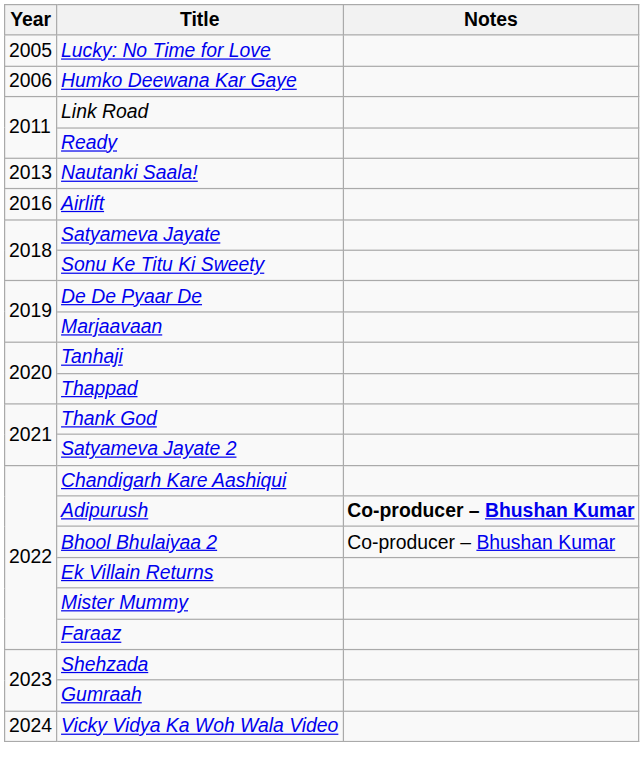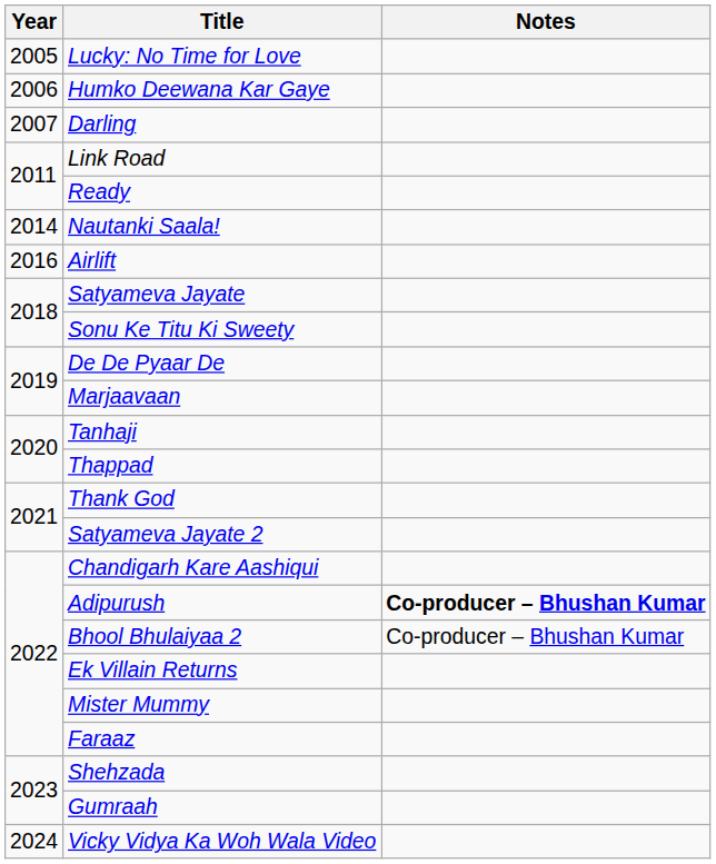 <table class="wikitable sortable">
 <tr>
 <th scope="col">Year</th>
 <th scope="col">Title</th>
 <th class="unsortable" scope="col">Notes</th>
 </tr>
 <tr>
 <td>2005</td>
 <td><em><a href='#'>Lucky: No Time for Love</a></em></td>
 <td></td>
 </tr>
 <tr>
 <td>2006</td>
 <td><em><a href='#'>Humko Deewana Kar Gaye</a></em></td>
 <td></td>
 </tr>
 <tr>
+<td>2007</td>
+<td><em><a href='#'>Darling</a></em></td>
+<td></td>
+</tr>
+<tr>
 <td rowspan="2">2011</td>
 <td><em>Link Road</em></td>
 <td></td>
 </tr>
 <tr>
 <td><em><a href='#'>Ready</a></em></td>
 <td></td>
 </tr>
 <tr>
-<td>2013</td>
+<td>2014</td>
 <td><em><a href='#'>Nautanki Saala!</a></em></td>
 <td></td>
 </tr>
 <tr>
 <td>2016</td>
 <td><em><a href='#'>Airlift</a></em></td>
 <td></td>
 </tr>
 <tr>
 <td rowspan="2">2018</td>
 <td><em><a href='#'>Satyameva Jayate</a></em></td>
 <td></td>
 </tr>
 <tr>
 <td><em><a href='#'>Sonu Ke Titu Ki Sweety</a></em></td>
 <td></td>
 </tr>
 <tr>
 <td rowspan="2">2019</td>
 <td><em><a href='#'>De De Pyaar De</a></em></td>
 <td></td>
 </tr>
 <tr>
 <td><em><a href='#'>Marjaavaan</a></em></td>
 <td></td>
 </tr>
 <tr>
 <td rowspan="2">2020</td>
 <td><em><a href='#'>Tanhaji</a></em></td>
 <td></td>
 </tr>
 <tr>
 <td><em><a href='#'>Thappad</a></em></td>
 <td></td>
 </tr>
 <tr>
 <td rowspan="2">2021</td>
 <td><em><a href='#'>Thank God</a></em></td>
 <td></td>
 </tr>
 <tr>
 <td><em><a href='#'>Satyameva Jayate 2</a></em></td>
 <td></td>
 </tr>
 <tr>
 <td rowspan="6">2022</td>
 <td><em><a href='#'>Chandigarh Kare Aashiqui</a></em></td>
 <td></td>
 </tr>
 <tr>
 <td><em><a href='#'>Adipurush</a></em></td>
 <td><strong>Co-producer – <a href='#'>Bhushan Kumar</a></strong></td>
 </tr>
 <tr>
 <td><em><a href='#'>Bhool Bhulaiyaa 2</a></em></td>
 <td>Co-producer – <a href='#'>Bhushan Kumar</a></td>
 </tr>
 <tr>
 <td><em><a href='#'>Ek Villain Returns</a></em></td>
 <td></td>
 </tr>
 <tr>
 <td><em><a href='#'>Mister Mummy</a></em></td>
 <td></td>
 </tr>
 <tr>
 <td><em><a href='#'>Faraaz</a></em></td>
 <td></td>
 </tr>
 <tr>
 <td rowspan="2">2023</td>
 <td><em><a href='#'>Shehzada</a></em></td>
 <td></td>
 </tr>
 <tr>
 <td><em><a href='#'>Gumraah</a></em></td>
 <td></td>
 </tr>
 <tr>
 <td>2024</td>
 <td><em><a href='#'>Vicky Vidya Ka Woh Wala Video</a></em></td>
 <td><br>   </td>
 </tr>
 </table>
